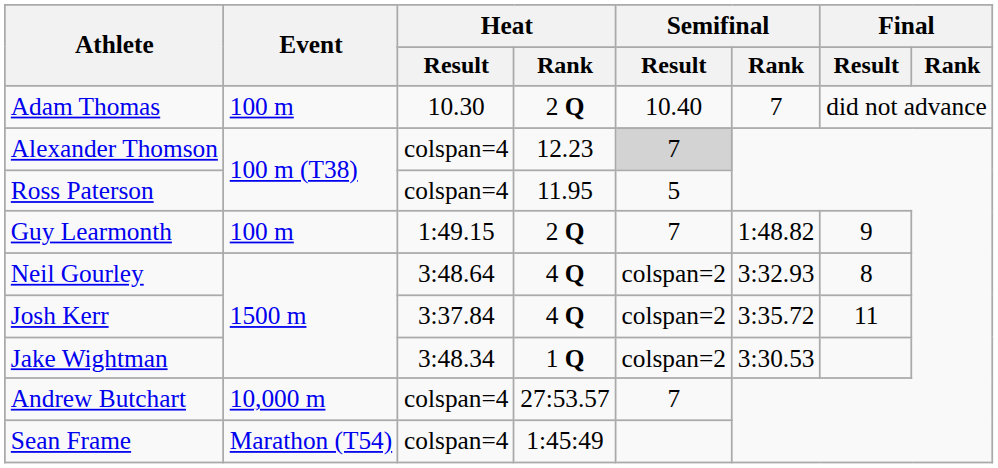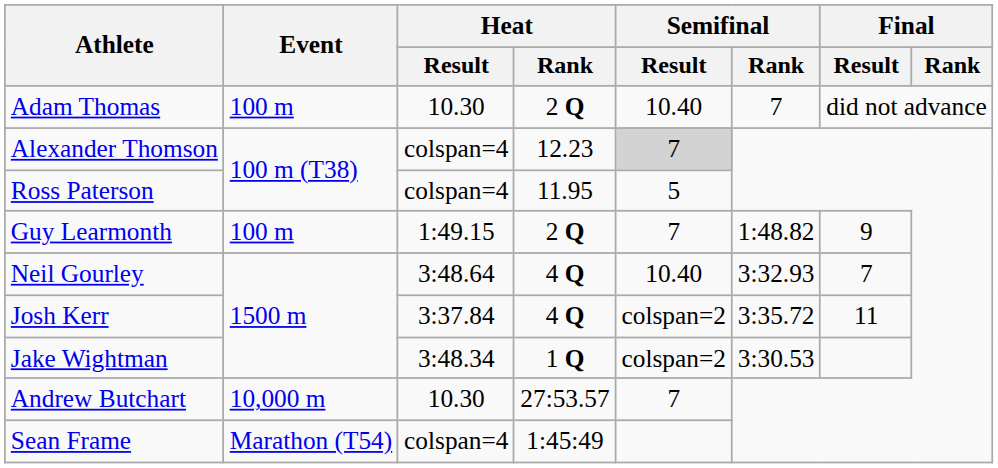 <table class="wikitable" style="font-size:90%; text-align:center">
 <tr>
 <th rowspan=2>Athlete</th>
 <th rowspan=2>Event</th>
 <th colspan=2>Heat</th>
 <th colspan=2>Semifinal</th>
 <th colspan=2>Final</th>
 </tr>
 <tr style="font-size:95%">
 <th>Result</th>
 <th>Rank</th>
 <th>Result</th>
 <th>Rank</th>
 <th>Result</th>
 <th>Rank</th>
 </tr>
 <tr>
 <td align=left><a href='#'>Adam Thomas</a></td>
 <td align=left><a href='#'>100 m</a></td>
 <td>10.30</td>
 <td>2 <strong>Q</strong></td>
 <td>10.40</td>
 <td>7</td>
 <td colspan=2>did not advance</td>
 </tr>
 <tr>
 <td align=left><a href='#'>Alexander Thomson</a></td>
 <td align=left rowspan=2><a href='#'>100 m (T38)</a></td>
 <td>colspan=4 </td>
 <td>12.23</td>
 <td style="background: lightgrey;">7</td>
 </tr>
 <tr>
 <td align=left><a href='#'>Ross Paterson</a></td>
 <td>colspan=4 </td>
 <td>11.95</td>
 <td>5</td>
 </tr>
 <tr>
 <td align=left><a href='#'>Guy Learmonth</a></td>
 <td align=left><a href='#'>100 m</a></td>
 <td>1:49.15</td>
 <td>2 <strong>Q</strong></td>
 <td>7</td>
 <td>1:48.82</td>
 <td>9</td>
 </tr>
 <tr>
 <td align=left><a href='#'>Neil Gourley</a></td>
 <td align=left rowspan=3><a href='#'>1500 m</a></td>
 <td>3:48.64</td>
 <td>4 <strong>Q</strong></td>
-<td>colspan=2 </td>
+<td>10.40</td>
 <td>3:32.93</td>
-<td>8</td>
+<td>7</td>
 </tr>
 <tr>
 <td align=left><a href='#'>Josh Kerr</a></td>
 <td>3:37.84</td>
 <td>4 <strong>Q</strong></td>
 <td>colspan=2 </td>
 <td>3:35.72</td>
 <td>11</td>
 </tr>
 <tr>
 <td align=left><a href='#'>Jake Wightman</a></td>
 <td>3:48.34</td>
 <td>1 <strong>Q</strong></td>
 <td>colspan=2 </td>
 <td>3:30.53</td>
 <td></td>
 </tr>
 <tr>
 <td align=left><a href='#'>Andrew Butchart</a></td>
 <td align=left><a href='#'>10,000 m</a></td>
-<td>colspan=4 </td>
+<td>10.30</td>
 <td>27:53.57</td>
 <td>7</td>
 </tr>
 <tr>
 <td align=left><a href='#'>Sean Frame</a></td>
 <td align=left><a href='#'>Marathon (T54)</a></td>
 <td>colspan=4 </td>
 <td>1:45:49</td>
 <td></td>
 </tr>
 </table>
